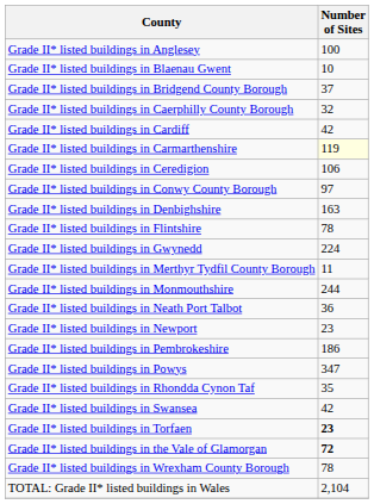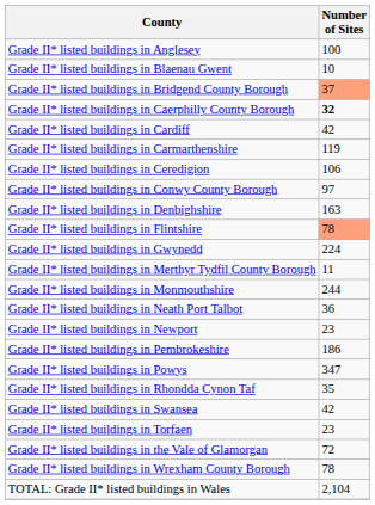 <table class="wikitable sortable">
 <tr>
 <th><strong>County</strong></th>
 <th><strong>Number<br> of Sites</strong></th>
 </tr>
 <tr ->
 <td><a href='#'>Grade II* listed buildings in Anglesey</a></td>
 <td>100</td>
 </tr>
 <tr ->
 <td><a href='#'>Grade II* listed buildings in Blaenau Gwent</a></td>
 <td>10</td>
 </tr>
 <tr ->
 <td><a href='#'>Grade II* listed buildings in Bridgend County Borough</a></td>
-<td>37</td>
+<td style="background: lightsalmon;">37</td>
 </tr>
 <tr ->
 <td><a href='#'>Grade II* listed buildings in Caerphilly County Borough</a></td>
-<td>32</td>
+<td><strong>32</strong></td>
 </tr>
 <tr ->
 <td><a href='#'>Grade II* listed buildings in Cardiff</a></td>
 <td>42</td>
 </tr>
 <tr ->
 <td><a href='#'>Grade II* listed buildings in Carmarthenshire</a></td>
-<td style="background: lightyellow;">119</td>
+<td>119</td>
 </tr>
 <tr ->
 <td><a href='#'>Grade II* listed buildings in Ceredigion</a></td>
 <td>106</td>
 </tr>
 <tr ->
 <td><a href='#'>Grade II* listed buildings in Conwy County Borough</a></td>
 <td>97</td>
 </tr>
 <tr ->
 <td><a href='#'>Grade II* listed buildings in Denbighshire</a></td>
 <td>163</td>
 </tr>
 <tr ->
 <td><a href='#'>Grade II* listed buildings in Flintshire</a></td>
-<td>78</td>
+<td style="background: lightsalmon;">78</td>
 </tr>
 <tr ->
 <td><a href='#'>Grade II* listed buildings in Gwynedd</a></td>
 <td>224</td>
 </tr>
 <tr ->
 <td><a href='#'>Grade II* listed buildings in Merthyr Tydfil County Borough</a></td>
 <td>11</td>
 </tr>
 <tr ->
 <td><a href='#'>Grade II* listed buildings in Monmouthshire</a></td>
 <td>244</td>
 </tr>
 <tr ->
 <td><a href='#'>Grade II* listed buildings in Neath Port Talbot</a></td>
 <td>36</td>
 </tr>
 <tr ->
 <td><a href='#'>Grade II* listed buildings in Newport</a></td>
 <td>23</td>
 </tr>
 <tr ->
 <td><a href='#'>Grade II* listed buildings in Pembrokeshire</a></td>
 <td>186</td>
 </tr>
 <tr ->
 <td><a href='#'>Grade II* listed buildings in Powys</a></td>
 <td>347</td>
 </tr>
 <tr ->
 <td><a href='#'>Grade II* listed buildings in Rhondda Cynon Taf</a></td>
 <td>35</td>
 </tr>
 <tr ->
 <td><a href='#'>Grade II* listed buildings in Swansea</a></td>
 <td>42</td>
 </tr>
 <tr ->
 <td><a href='#'>Grade II* listed buildings in Torfaen</a></td>
-<td><strong>23</strong></td>
+<td>23</td>
 </tr>
 <tr ->
 <td><a href='#'>Grade II* listed buildings in the Vale of Glamorgan</a></td>
-<td><strong>72</strong></td>
+<td>72</td>
 </tr>
 <tr ->
 <td><a href='#'>Grade II* listed buildings in Wrexham County Borough</a></td>
 <td>78</td>
 </tr>
 <tr -class=sortbottom>
 <td>TOTAL: Grade II* listed buildings in Wales</td>
 <td>2,104</td>
 </tr>
 <tr ->
 </tr>
 </table>
